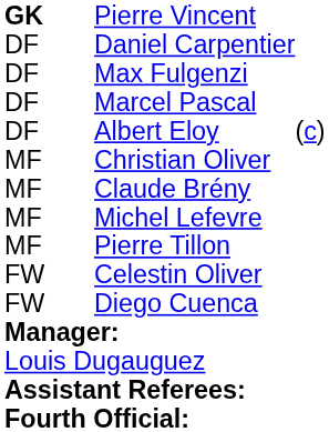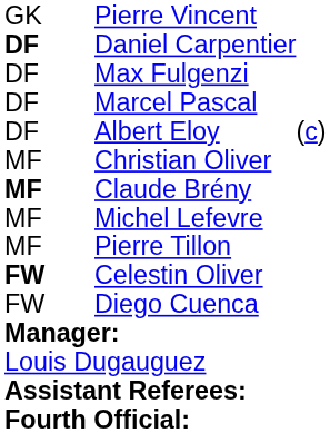 <table style=font-size:90% cellspacing=0 cellpadding=0>
 <tr>
 <td colspan=4></td>
 </tr>
 <tr>
 <th width=25></th>
 <th width=25></th>
 </tr>
 <tr>
-<td><strong>GK</strong></td>
+<td>GK</td>
 <td><strong> </strong></td>
 <td> <a href='#'>Pierre Vincent</a></td>
 </tr>
 <tr>
-<td>DF</td>
+<td><strong>DF</strong></td>
 <td><strong> </strong></td>
 <td> <a href='#'>Daniel Carpentier</a></td>
 </tr>
 <tr>
 <td>DF</td>
 <td><strong> </strong></td>
 <td> <a href='#'>Max Fulgenzi</a></td>
 </tr>
 <tr>
 <td>DF</td>
 <td><strong> </strong></td>
 <td> <a href='#'>Marcel Pascal</a></td>
 </tr>
 <tr>
 <td>DF</td>
 <td><strong> </strong></td>
 <td> <a href='#'>Albert Eloy</a></td>
 <td>(<a href='#'>c</a>)</td>
 </tr>
 <tr>
 <td>MF</td>
 <td><strong> </strong></td>
 <td> <a href='#'>Christian Oliver</a></td>
 </tr>
 <tr>
-<td>MF</td>
+<td><strong>MF</strong></td>
 <td><strong> </strong></td>
 <td> <a href='#'>Claude Brény</a></td>
 </tr>
 <tr>
 <td>MF</td>
 <td><strong> </strong></td>
 <td> <a href='#'>Michel Lefevre</a></td>
 </tr>
 <tr>
 <td>MF</td>
 <td><strong> </strong></td>
 <td> <a href='#'>Pierre Tillon</a></td>
 </tr>
 <tr>
-<td>FW</td>
+<td><strong>FW</strong></td>
 <td><strong> </strong></td>
 <td> <a href='#'>Celestin Oliver</a></td>
 </tr>
 <tr>
 <td>FW</td>
 <td><strong> </strong></td>
 <td> <a href='#'>Diego Cuenca</a></td>
 </tr>
 <tr>
 <td colspan=3><strong>Manager:</strong></td>
 </tr>
 <tr>
 <td colspan=4> <a href='#'>Louis Dugauguez</a><br><strong>Assistant Referees:</strong><br> <strong>Fourth Official:</strong><br></td>
 </tr>
 </table>
